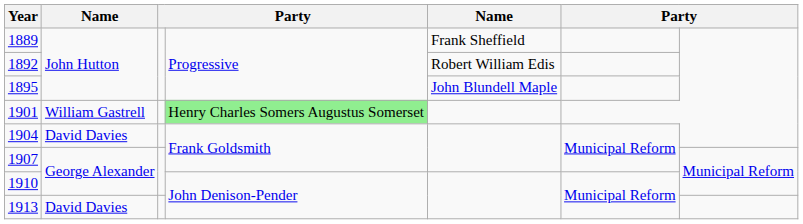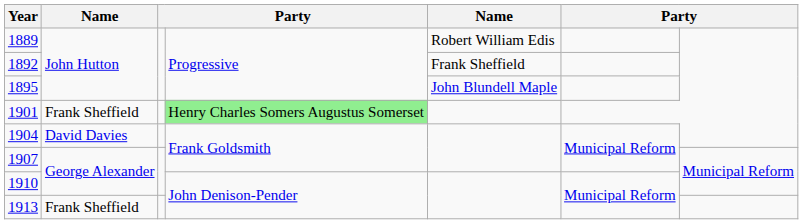 <table class="wikitable">
 <tr>
 <th>Year</th>
 <th>Name</th>
 <th colspan=2>Party</th>
 <th>Name</th>
 <th colspan=2>Party</th>
 </tr>
 <tr>
 <td><a href='#'>1889</a></td>
 <td rowspan=3><a href='#'>John Hutton</a></td>
 <td rowspan=3 style="background-color: "></td>
 <td rowspan=3><a href='#'>Progressive</a></td>
-<td>Frank Sheffield</td>
+<td>Robert William Edis</td>
 <td></td>
 </tr>
 <tr>
 <td><a href='#'>1892</a></td>
-<td>Robert William Edis</td>
+<td>Frank Sheffield</td>
 <td></td>
 </tr>
 <tr>
 <td><a href='#'>1895</a></td>
 <td><a href='#'>John Blundell Maple</a></td>
 <td></td>
 </tr>
 <tr>
 <td><a href='#'>1901</a></td>
-<td><a href='#'>William Gastrell</a></td>
+<td>Frank Sheffield</td>
 <td></td>
 <td style="background: lightgreen;">Henry Charles Somers Augustus Somerset</td>
 <td></td>
 </tr>
 <tr>
 <td><a href='#'>1904</a></td>
 <td><a href='#'>David Davies</a></td>
 <td></td>
 <td rowspan=2><a href='#'>Frank Goldsmith</a></td>
 <td rowspan=2 style="background-color: "></td>
 <td rowspan=2><a href='#'>Municipal Reform</a></td>
 </tr>
 <tr>
 <td><a href='#'>1907</a></td>
 <td rowspan=2><a href='#'>George Alexander</a></td>
 <td rowspan=2 style="background-color: "></td>
 <td rowspan=2><a href='#'>Municipal Reform</a></td>
 </tr>
 <tr>
 <td><a href='#'>1910</a></td>
 <td rowspan=2><a href='#'>John Denison-Pender</a></td>
 <td rowspan=2 style="background-color: "></td>
 <td rowspan=2><a href='#'>Municipal Reform</a></td>
 </tr>
 <tr>
 <td><a href='#'>1913</a></td>
-<td><a href='#'>David Davies</a></td>
+<td>Frank Sheffield</td>
 <td></td>
 </tr>
 </table>
